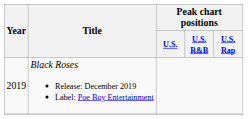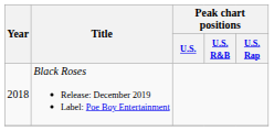 <table class="wikitable" border="1">
 <tr>
 <th align=center rowspan=2>Year</th>
 <th align=center rowspan=2>Title</th>
 <th align=center colspan=3>Peak chart positions</th>
 </tr>
 <tr>
 <th align=center width=40><small><a href='#'>U.S.</a></small></th>
 <th align=center width=40><small><a href='#'>U.S. R&B</a></small></th>
 <th align=center width=40><small><a href='#'>U.S. Rap</a></small></th>
 </tr>
 <tr>
-<td align=center>2019</td>
+<td align=center>2018</td>
 <td align=left><em>Black Roses</em><br><ul><li><small>Release: December 2019</small></li><li><small>Label: <a href='#'>Poe Boy Entertainment</a></small></li></ul></td>
 <td colspan=3 align=center><small></small></td>
 </tr>
 <tr>
 </tr>
 </table>
